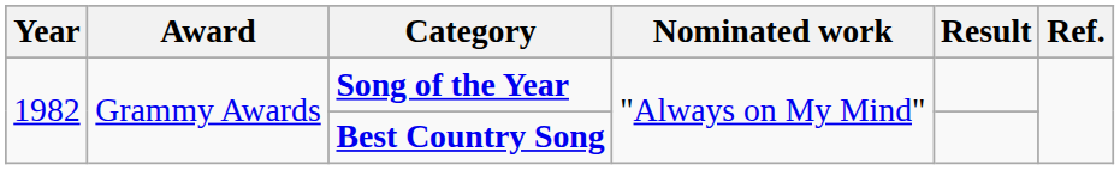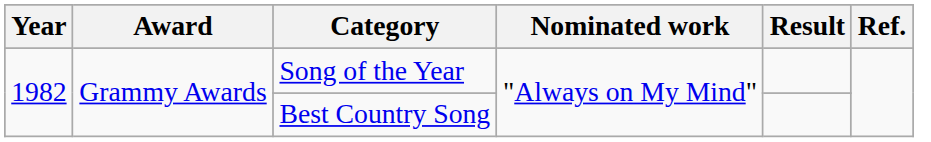 <table class="wikitable">
 <tr>
 <th>Year</th>
 <th>Award</th>
 <th>Category</th>
 <th>Nominated work</th>
 <th>Result</th>
 <th>Ref.</th>
 </tr>
 <tr>
 <td rowspan="2"><a href='#'>1982</a></td>
 <td rowspan="2"><a href='#'>Grammy Awards</a></td>
-<td><strong><a href='#'>Song of the Year</a></strong></td>
+<td><a href='#'>Song of the Year</a></td>
 <td rowspan="2">"<a href='#'>Always on My Mind</a>"</td>
 <td></td>
 <td align="center" rowspan="2"></td>
 </tr>
 <tr>
-<td><strong><a href='#'>Best Country Song</a></strong></td>
+<td><a href='#'>Best Country Song</a></td>
 <td></td>
 </tr>
 </table>
